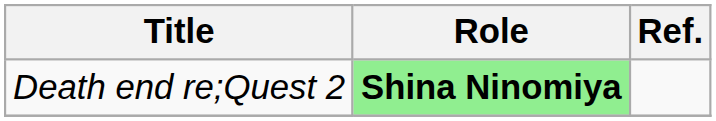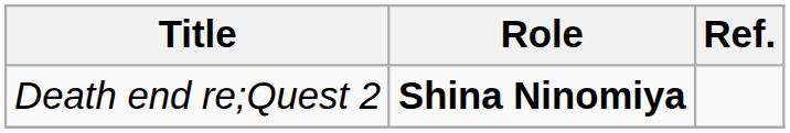 <table class="wikitable">
 <tr>
 <th>Title</th>
 <th>Role</th>
 <th>Ref.</th>
 </tr>
 <tr>
 <td><em>Death end re;Quest 2</em></td>
-<td style="background: lightgreen;"><strong>Shina Ninomiya</strong></td>
+<td><strong>Shina Ninomiya</strong></td>
 <td></td>
 </tr>
 <tr>
 </tr>
 </table>
